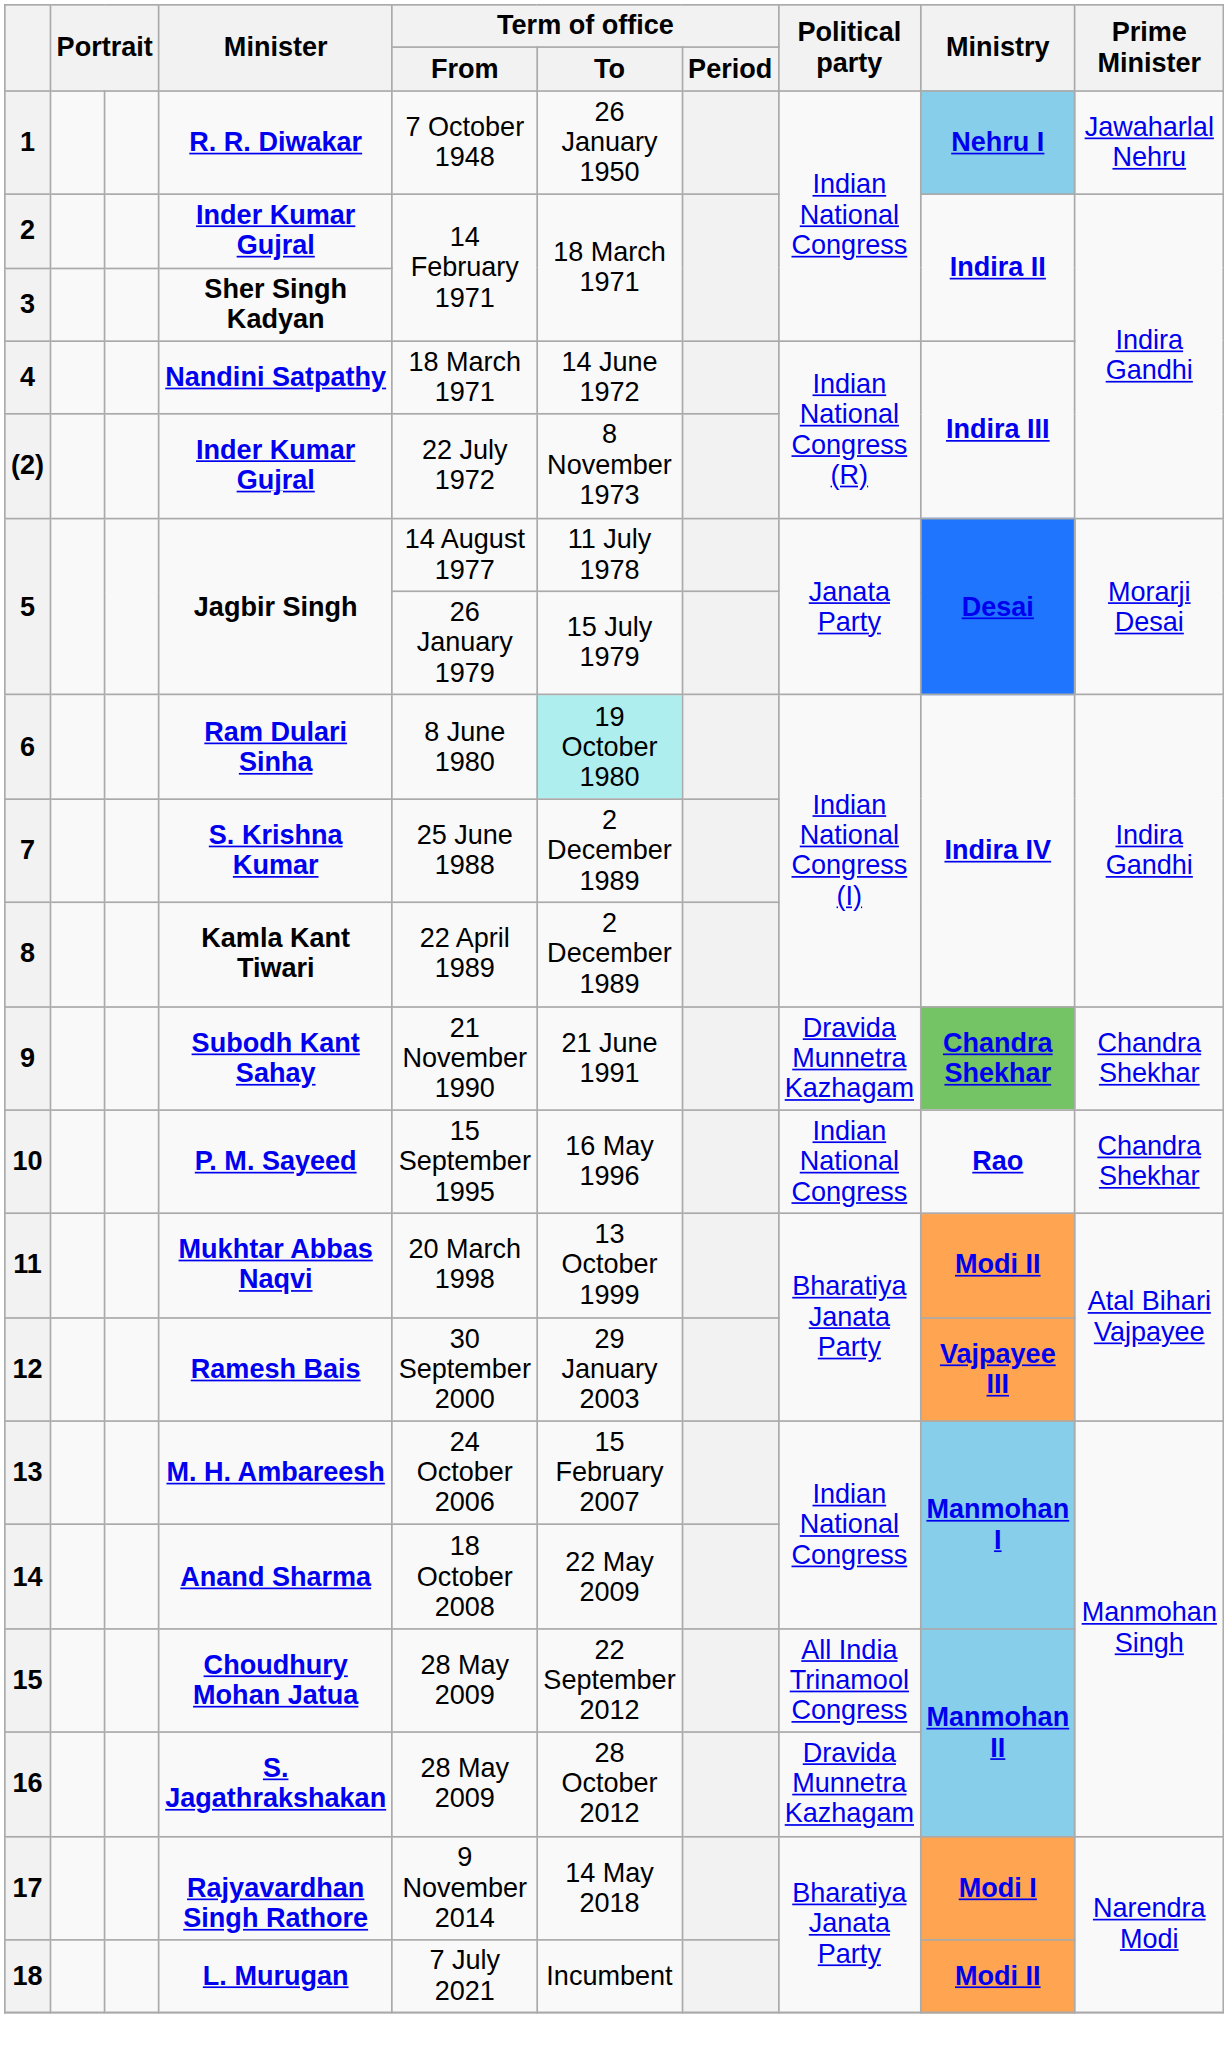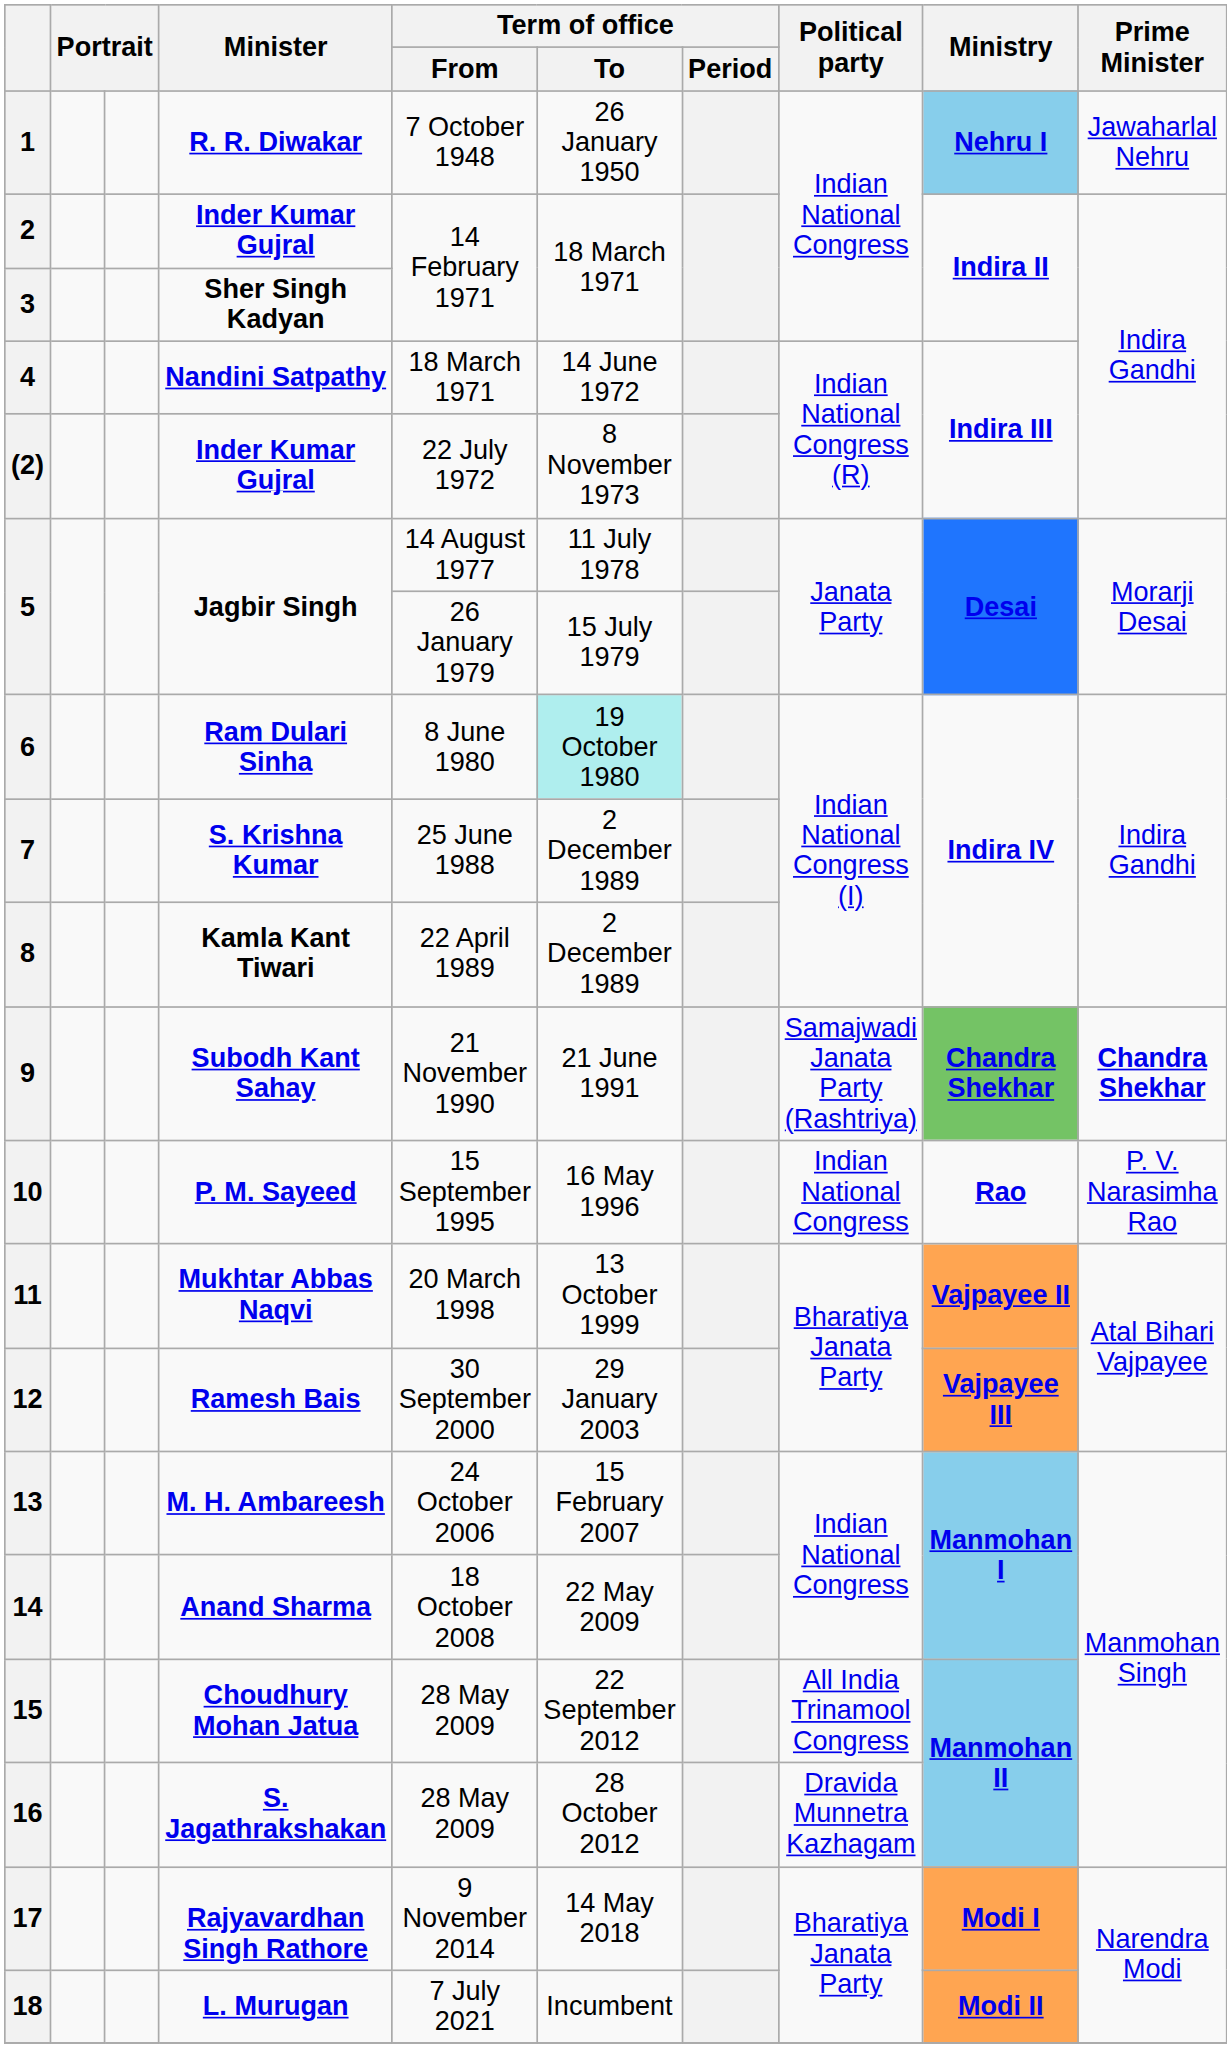 <table class="wikitable" style="text-align:center">
 <tr>
 <th rowspan="2"></th>
 <th rowspan="2" colspan="2">Portrait</th>
 <th rowspan="2" style="width:17em">Minister<br></th>
 <th colspan="3">Term of office</th>
 <th rowspan="2" style="width:8em">Political party</th>
 <th rowspan="2">Ministry</th>
 <th rowspan="2" style="width:9em">Prime Minister</th>
 </tr>
 <tr>
 <th style="width:6em">From</th>
 <th style="width:6em">To</th>
 <th>Period</th>
 </tr>
 <tr>
 <th>1</th>
 <td></td>
 <td></td>
 <td><strong><a href='#'>R. R. Diwakar</a></strong><br></td>
 <td>7 October<br>1948</td>
 <td>26 January<br>1950</td>
 <th></th>
 <td rowspan="3"><a href='#'>Indian National Congress</a></td>
 <td bgcolor="#87CEEB"><strong><a href='#'>Nehru I</a></strong></td>
 <td><a href='#'>Jawaharlal Nehru</a></td>
 </tr>
 <tr>
 <th>2</th>
 <td></td>
 <td></td>
 <td><strong><a href='#'>Inder Kumar Gujral</a></strong><br></td>
 <td rowspan="2">14 February<br>1971</td>
 <td rowspan="2">18 March<br>1971</td>
 <th rowspan="2"></th>
 <td rowspan="2"><strong><a href='#'>Indira II</a></strong></td>
 <td rowspan="4"><a href='#'>Indira Gandhi</a></td>
 </tr>
 <tr>
 <th>3</th>
 <td></td>
 <td></td>
 <td><strong>Sher Singh Kadyan</strong><br></td>
 </tr>
 <tr>
 <th>4</th>
 <td></td>
 <td></td>
 <td><strong><a href='#'>Nandini Satpathy</a></strong><br></td>
 <td>18 March<br>1971</td>
 <td>14 June<br>1972</td>
 <th></th>
 <td rowspan="2"><a href='#'>Indian National Congress (R)</a></td>
 <td rowspan="2"><strong><a href='#'>Indira III</a></strong></td>
 </tr>
 <tr>
 <th>(2)</th>
 <td></td>
 <td></td>
 <td><strong><a href='#'>Inder Kumar Gujral</a></strong><br></td>
 <td>22 July<br>1972</td>
 <td>8 November<br>1973</td>
 <th></th>
 </tr>
 <tr>
 <th rowspan="2">5</th>
 <td rowspan="2" style="background:"></td>
 <td rowspan="2"></td>
 <td rowspan="2"><strong>Jagbir Singh</strong><br></td>
 <td>14 August<br>1977</td>
 <td>11 July<br>1978</td>
 <th></th>
 <td rowspan="2"><a href='#'>Janata Party</a></td>
 <td rowspan="2" bgcolor="#1F75FE"><strong><a href='#'>Desai</a></strong></td>
 <td rowspan="2"><a href='#'>Morarji Desai</a></td>
 </tr>
 <tr>
 <td>26 January<br>1979</td>
 <td>15 July<br>1979</td>
 <th></th>
 </tr>
 <tr>
 <th>6</th>
 <td></td>
 <td></td>
 <td><strong><a href='#'>Ram Dulari Sinha</a></strong><br></td>
 <td>8 June<br>1980</td>
 <td style="background: paleturquoise;">19 October<br>1980</td>
 <th></th>
 <td rowspan="3"><a href='#'>Indian National Congress (I)</a></td>
 <td rowspan="3"><strong><a href='#'>Indira IV</a></strong></td>
 <td rowspan="3"><a href='#'>Indira Gandhi</a></td>
 </tr>
 <tr>
 <th>7</th>
 <td></td>
 <td></td>
 <td><strong><a href='#'>S. Krishna Kumar</a></strong><br></td>
 <td>25 June<br>1988</td>
 <td>2 December<br>1989</td>
 <th></th>
 </tr>
 <tr>
 <th>8</th>
 <td></td>
 <td></td>
 <td><strong>Kamla Kant Tiwari</strong><br></td>
 <td>22 April<br>1989</td>
 <td>2 December<br>1989</td>
 <th></th>
 </tr>
 <tr>
 <th>9</th>
 <td></td>
 <td></td>
 <td><strong><a href='#'>Subodh Kant Sahay</a></strong><br></td>
 <td>21 November<br>1990</td>
 <td>21 June<br>1991</td>
 <th></th>
-<td><a href='#'>Dravida Munnetra Kazhagam</a></td>
+<td><a href='#'>Samajwadi Janata Party (Rashtriya)</a></td>
 <td style="background:#74C365"><strong><a href='#'>Chandra Shekhar</a></strong></td>
-<td><a href='#'>Chandra Shekhar</a></td>
+<td><strong><a href='#'>Chandra Shekhar</a></strong></td>
 </tr>
 <tr>
 <th>10</th>
 <td></td>
 <td></td>
 <td><strong><a href='#'>P. M. Sayeed</a></strong><br></td>
 <td>15 September<br>1995</td>
 <td>16 May<br>1996</td>
 <th></th>
 <td><a href='#'>Indian National Congress</a></td>
 <td><a href='#'><strong>Rao</strong></a></td>
-<td><a href='#'>Chandra Shekhar</a></td>
+<td><a href='#'>P. V. Narasimha Rao</a></td>
 </tr>
 <tr>
 <th>11</th>
 <td></td>
 <td></td>
 <td><strong><a href='#'>Mukhtar Abbas Naqvi</a></strong><br></td>
 <td>20 March<br>1998</td>
 <td>13 October<br>1999</td>
 <th></th>
 <td rowspan="2"><a href='#'>Bharatiya Janata Party</a></td>
-<td style="background:#FFA551;"><strong><a href='#'>Modi II</a></strong></td>
+<td style="background:#FFA551;"><strong><a href='#'>Vajpayee II</a></strong></td>
 <td rowspan="2"><a href='#'>Atal Bihari Vajpayee</a></td>
 </tr>
 <tr>
 <th>12</th>
 <td></td>
 <td></td>
 <td><strong><a href='#'>Ramesh Bais</a></strong><br></td>
 <td>30 September<br>2000</td>
 <td>29 January<br>2003</td>
 <th></th>
 <td style="background:#FFA551;"><strong><a href='#'>Vajpayee III</a></strong></td>
 </tr>
 <tr>
 <th>13</th>
 <td></td>
 <td></td>
 <td><strong><a href='#'>M. H. Ambareesh</a></strong><br></td>
 <td>24 October<br>2006</td>
 <td>15 February<br>2007</td>
 <th></th>
 <td rowspan="2"><a href='#'>Indian National Congress</a></td>
 <td rowspan="2" bgcolor="#87CEEB"><a href='#'><strong>Manmohan I</strong></a></td>
 <td rowspan="4"><a href='#'>Manmohan Singh</a></td>
 </tr>
 <tr>
 <th>14</th>
 <td></td>
 <td></td>
 <td><strong><a href='#'>Anand Sharma</a></strong><br></td>
 <td>18 October<br>2008</td>
 <td>22 May<br>2009</td>
 <th></th>
 </tr>
 <tr>
 <th>15</th>
 <td></td>
 <td></td>
 <td><strong><a href='#'>Choudhury Mohan Jatua</a></strong><br></td>
 <td>28 May<br>2009</td>
 <td>22 September<br>2012</td>
 <th></th>
 <td><a href='#'>All India Trinamool Congress</a></td>
 <td rowspan="2" bgcolor="#87CEEB"><a href='#'><strong>Manmohan II</strong></a></td>
 </tr>
 <tr>
 <th>16</th>
 <td></td>
 <td></td>
 <td><strong><a href='#'>S. Jagathrakshakan</a></strong><br></td>
 <td>28 May<br>2009</td>
 <td>28 October<br>2012</td>
 <th></th>
 <td><a href='#'>Dravida Munnetra Kazhagam</a></td>
 </tr>
 <tr>
 <th>17</th>
 <td></td>
 <td></td>
 <td><br><strong><a href='#'>Rajyavardhan Singh Rathore</a></strong> <br></td>
 <td>9 November<br>2014</td>
 <td>14 May<br>2018</td>
 <th></th>
 <td rowspan="2"><a href='#'>Bharatiya Janata Party</a></td>
 <td style="background:#FFA551;"><strong><a href='#'>Modi I</a></strong></td>
 <td rowspan="2"><a href='#'>Narendra Modi</a></td>
 </tr>
 <tr>
 <th>18</th>
 <td></td>
 <td></td>
 <td><strong><a href='#'>L. Murugan</a></strong><br></td>
 <td>7 July<br>2021</td>
 <td>Incumbent</td>
 <th></th>
 <td style="background:#FFA551;"><strong><a href='#'>Modi II</a></strong></td>
 </tr>
 <tr>
 </tr>
 </table>
